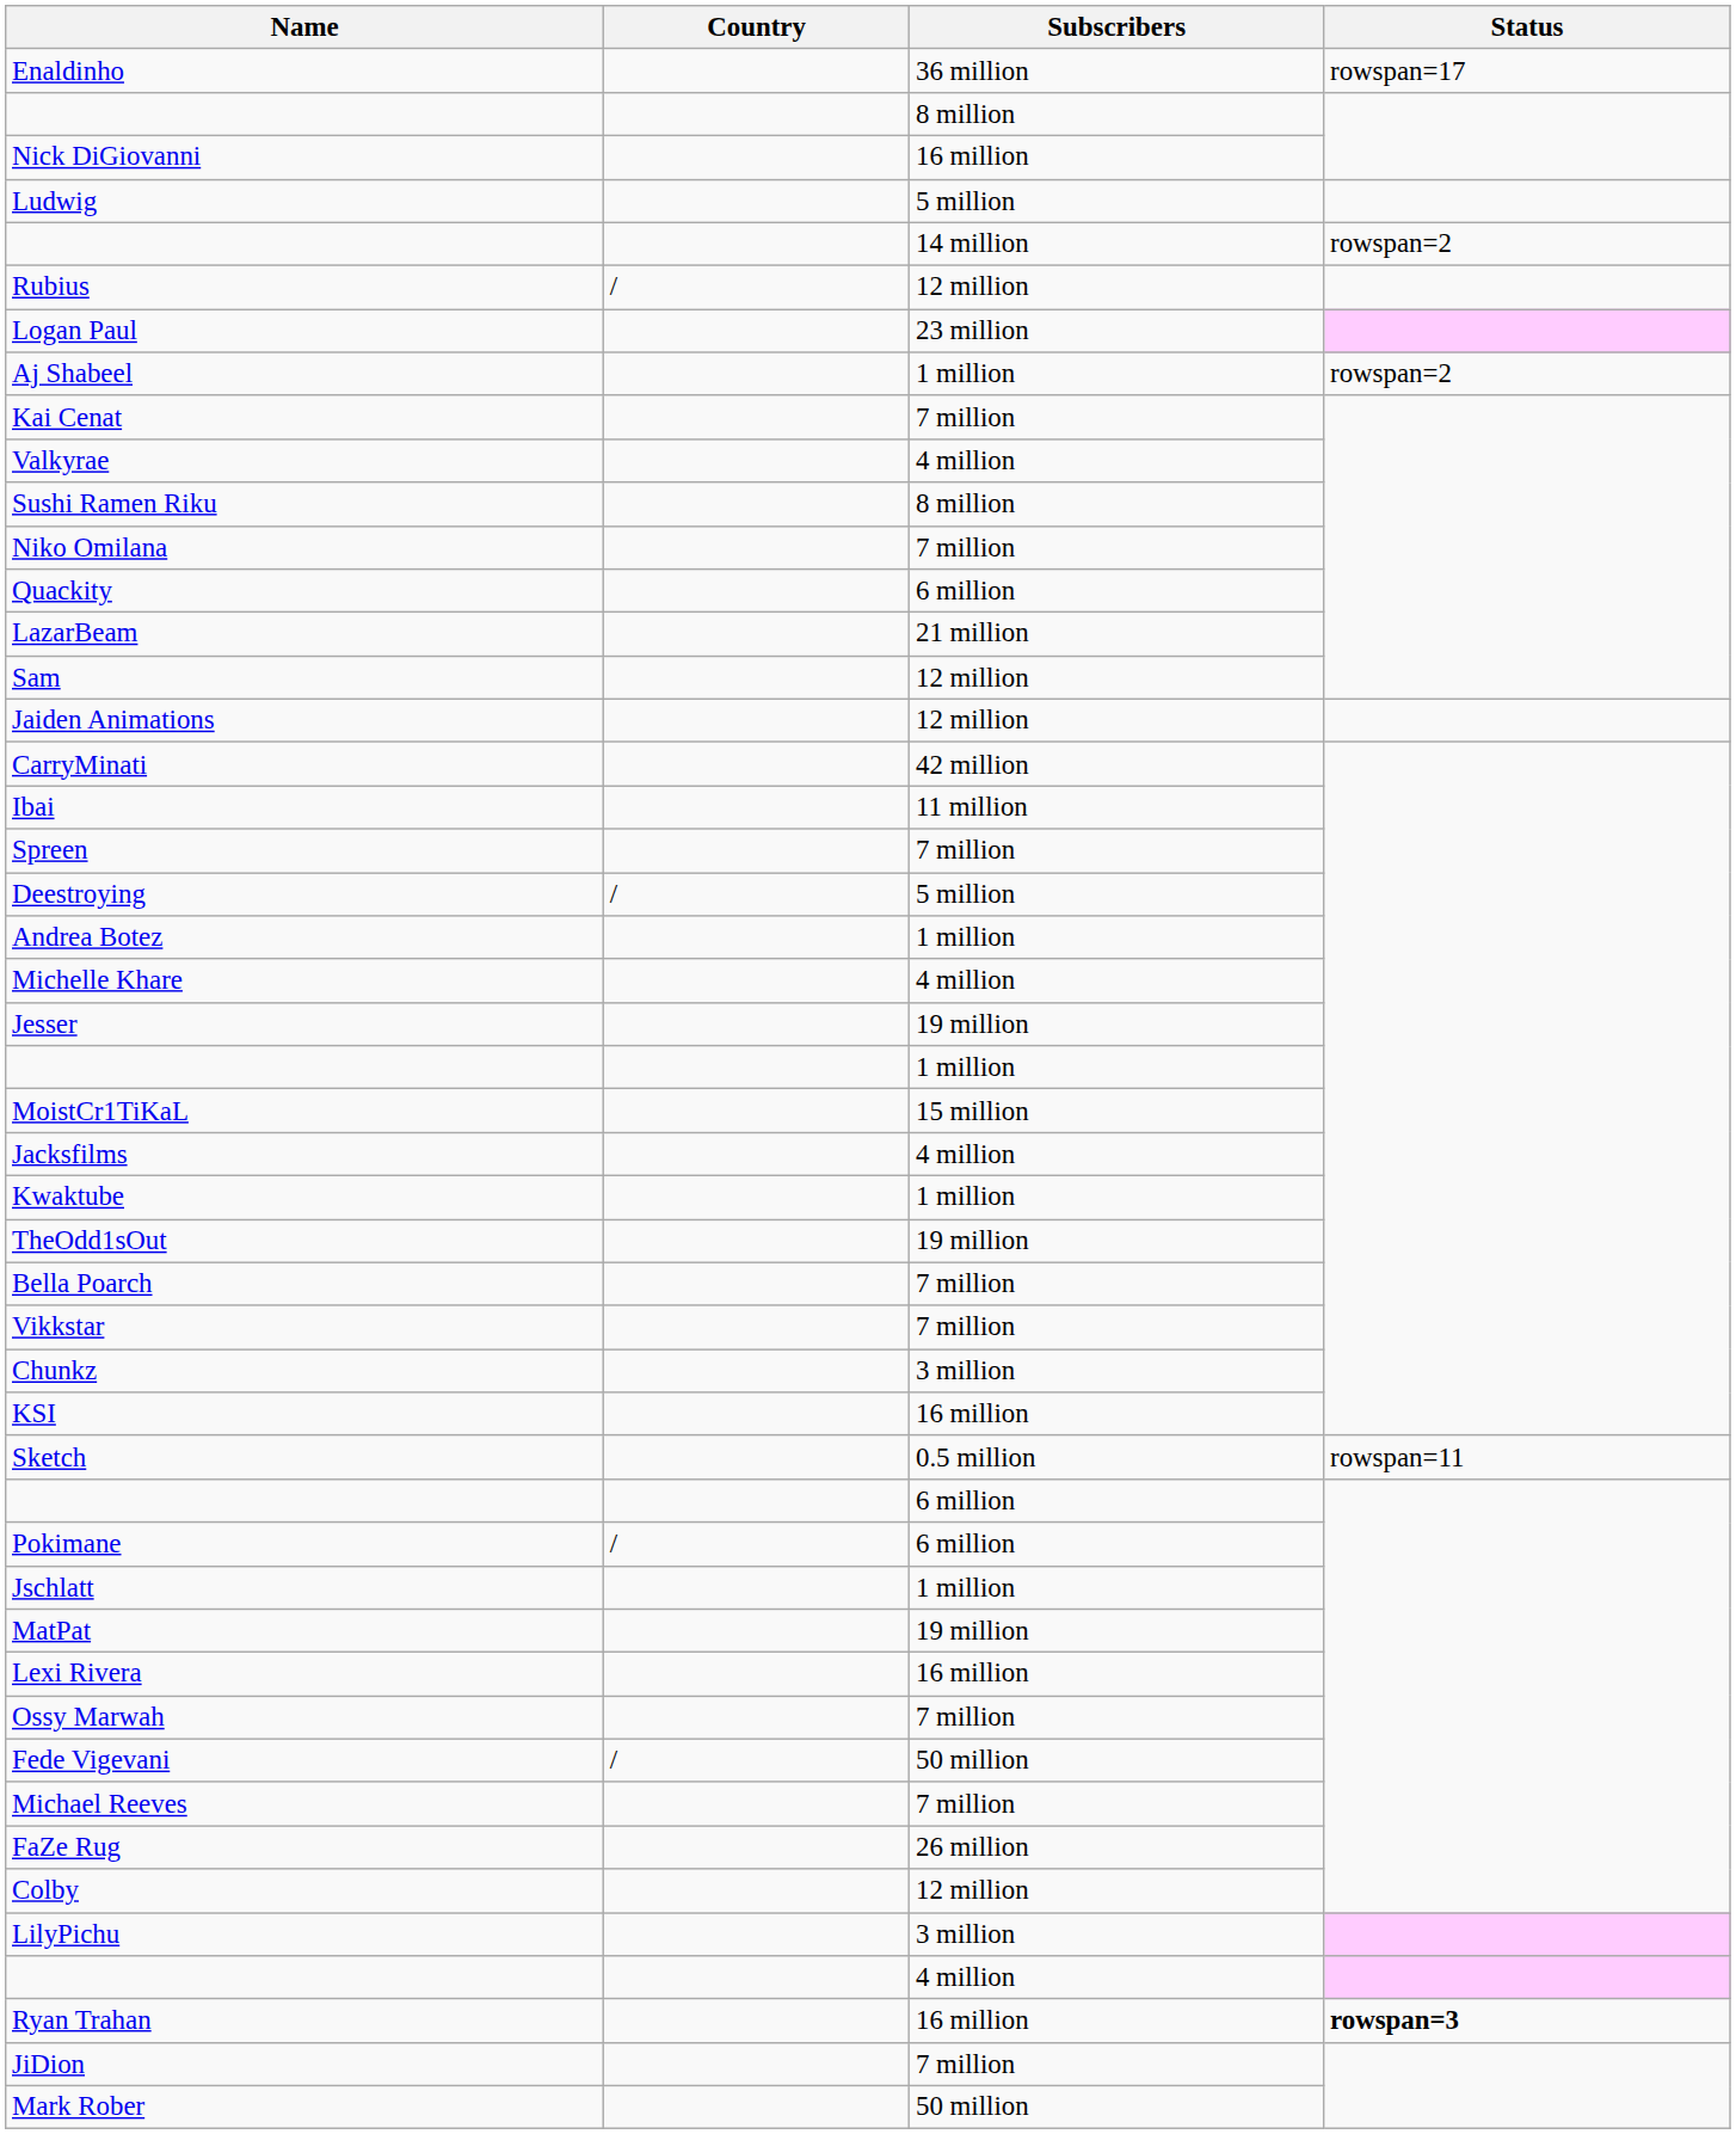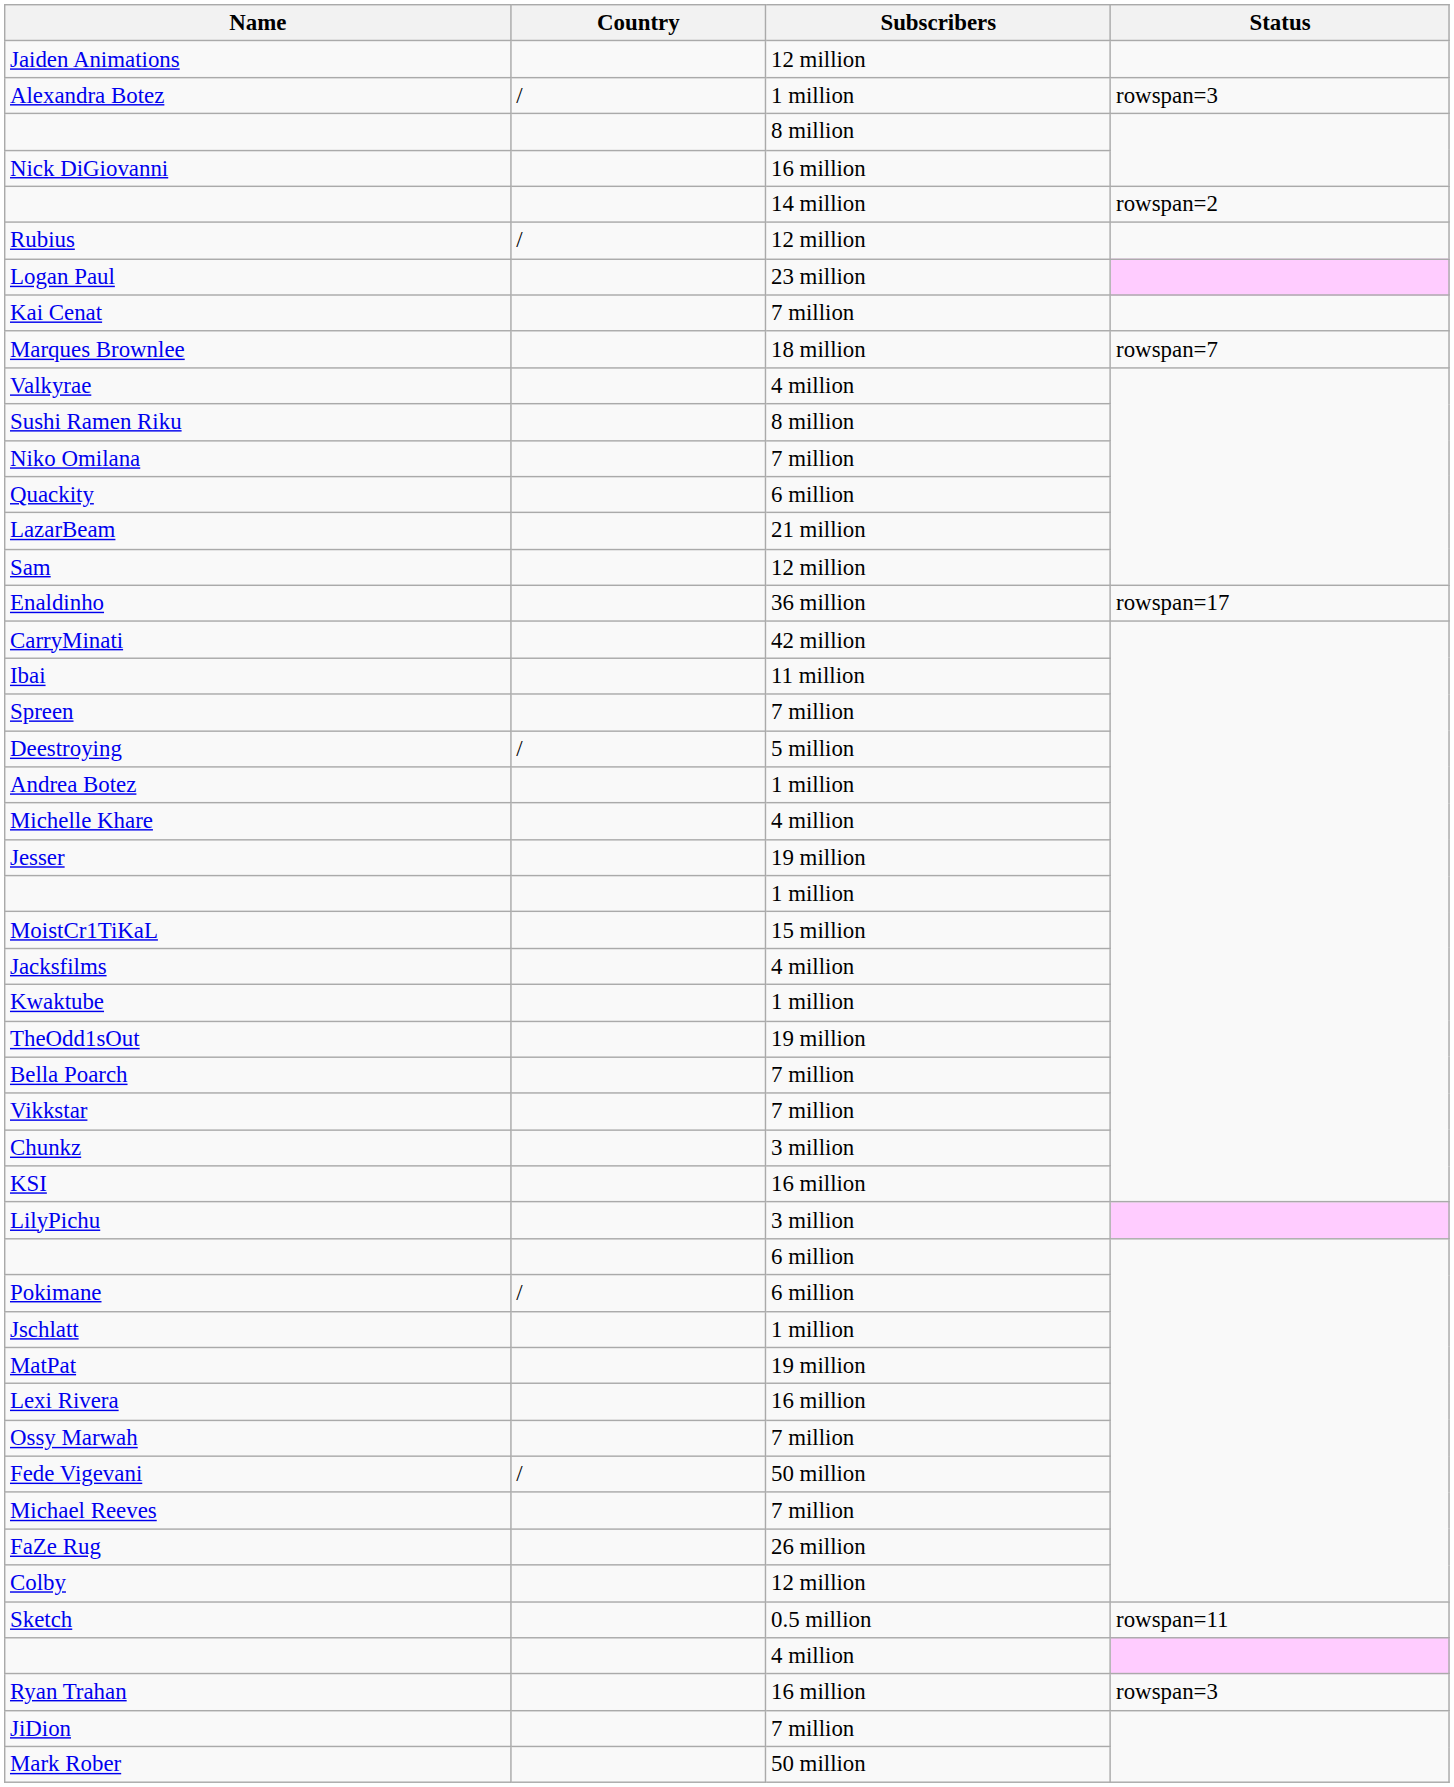 <table class="wikitable sortable center" width=80%>
 <tr>
 <th>Name</th>
 <th>Country</th>
 <th>Subscribers</th>
 <th>Status</th>
 </tr>
 <tr>
-<td><a href='#'>Enaldinho</a></td>
+<td><a href='#'>Jaiden Animations</a></td>
 <td></td>
-<td>36 million</td>
-<td>rowspan=17 </td>
+<td>12 million</td>
+<td></td>
+</tr>
+<tr>
+<td><a href='#'>Alexandra Botez</a></td>
+<td>/</td>
+<td>1 million</td>
+<td>rowspan=3 </td>
 </tr>
 <tr>
 <td></td>
 <td></td>
 <td>8 million</td>
 </tr>
 <tr>
 <td><a href='#'>Nick DiGiovanni</a></td>
 <td></td>
 <td>16 million</td>
-</tr>
-<tr>
-<td><a href='#'>Ludwig</a></td>
-<td></td>
-<td>5 million</td>
-<td></td>
 </tr>
 <tr>
 <td></td>
 <td></td>
 <td>14 million</td>
 <td>rowspan=2 </td>
 </tr>
 <tr>
 <td><a href='#'>Rubius</a></td>
 <td>/</td>
 <td>12 million</td>
 </tr>
 <tr>
 <td><a href='#'>Logan Paul</a></td>
 <td></td>
 <td>23 million</td>
 <td style="background:#fcf"></td>
 </tr>
 <tr>
-<td><a href='#'>Aj Shabeel</a></td>
-<td></td>
-<td>1 million</td>
-<td>rowspan=2 </td>
-</tr>
-<tr>
 <td><a href='#'>Kai Cenat</a></td>
 <td></td>
 <td>7 million</td>
+</tr>
+<tr>
+<td><a href='#'>Marques Brownlee</a></td>
+<td></td>
+<td>18 million</td>
+<td>rowspan=7 </td>
 </tr>
 <tr>
 <td><a href='#'>Valkyrae</a></td>
 <td></td>
 <td>4 million</td>
 </tr>
 <tr>
 <td><a href='#'>Sushi Ramen Riku</a></td>
 <td></td>
 <td>8 million</td>
 </tr>
 <tr>
 <td><a href='#'>Niko Omilana</a></td>
 <td></td>
 <td>7 million</td>
 </tr>
 <tr>
 <td><a href='#'>Quackity</a></td>
 <td></td>
 <td>6 million</td>
 </tr>
 <tr>
 <td><a href='#'>LazarBeam</a></td>
 <td></td>
 <td>21 million</td>
 </tr>
 <tr>
 <td><a href='#'>Sam</a></td>
 <td></td>
 <td>12 million</td>
 </tr>
 <tr>
-<td><a href='#'>Jaiden Animations</a></td>
+<td><a href='#'>Enaldinho</a></td>
 <td></td>
-<td>12 million</td>
-<td></td>
+<td>36 million</td>
+<td>rowspan=17 </td>
 </tr>
 <tr>
 <td><a href='#'>CarryMinati</a></td>
 <td></td>
 <td>42 million</td>
 </tr>
 <tr>
 <td><a href='#'>Ibai</a></td>
 <td></td>
 <td>11 million</td>
 </tr>
 <tr>
 <td><a href='#'>Spreen</a></td>
 <td></td>
 <td>7 million</td>
 </tr>
 <tr>
 <td><a href='#'>Deestroying</a></td>
 <td>/</td>
 <td>5 million</td>
 </tr>
 <tr>
 <td><a href='#'>Andrea Botez</a></td>
 <td></td>
 <td>1 million</td>
 </tr>
 <tr>
 <td><a href='#'>Michelle Khare</a></td>
 <td></td>
 <td>4 million</td>
 </tr>
 <tr>
 <td><a href='#'>Jesser</a></td>
 <td></td>
 <td>19 million</td>
 </tr>
 <tr>
 <td></td>
 <td></td>
 <td>1 million</td>
 </tr>
 <tr>
 <td><a href='#'>MoistCr1TiKaL</a></td>
 <td></td>
 <td>15 million</td>
 </tr>
 <tr>
 <td><a href='#'>Jacksfilms</a></td>
 <td></td>
 <td>4 million</td>
 </tr>
 <tr>
 <td><a href='#'>Kwaktube</a></td>
 <td></td>
 <td>1 million</td>
 </tr>
 <tr>
 <td><a href='#'>TheOdd1sOut</a></td>
 <td></td>
 <td>19 million</td>
 </tr>
 <tr>
 <td><a href='#'>Bella Poarch</a></td>
 <td></td>
 <td>7 million</td>
 </tr>
 <tr>
 <td><a href='#'>Vikkstar</a></td>
 <td></td>
 <td>7 million</td>
 </tr>
 <tr>
 <td><a href='#'>Chunkz</a></td>
 <td></td>
 <td>3 million</td>
 </tr>
 <tr>
 <td><a href='#'>KSI</a></td>
 <td></td>
 <td>16 million</td>
 </tr>
 <tr>
-<td><a href='#'>Sketch</a></td>
+<td><a href='#'>LilyPichu</a></td>
 <td></td>
-<td>0.5 million</td>
-<td>rowspan=11 </td>
+<td>3 million</td>
+<td style="background:#fcf"></td>
 </tr>
 <tr>
 <td></td>
 <td></td>
 <td>6 million</td>
 </tr>
 <tr>
 <td><a href='#'>Pokimane</a></td>
 <td>/</td>
 <td>6 million</td>
 </tr>
 <tr>
 <td><a href='#'>Jschlatt</a></td>
 <td></td>
 <td>1 million</td>
 </tr>
 <tr>
 <td><a href='#'>MatPat</a></td>
 <td></td>
 <td>19 million</td>
 </tr>
 <tr>
 <td><a href='#'>Lexi Rivera</a></td>
 <td></td>
 <td>16 million</td>
 </tr>
 <tr>
 <td><a href='#'>Ossy Marwah</a></td>
 <td></td>
 <td>7 million</td>
 </tr>
 <tr>
 <td><a href='#'>Fede Vigevani</a></td>
 <td>/</td>
 <td>50 million</td>
 </tr>
 <tr>
 <td><a href='#'>Michael Reeves</a></td>
 <td></td>
 <td>7 million</td>
 </tr>
 <tr>
 <td><a href='#'>FaZe Rug</a></td>
 <td></td>
 <td>26 million</td>
 </tr>
 <tr>
 <td><a href='#'>Colby</a></td>
 <td></td>
 <td>12 million</td>
 </tr>
 <tr>
-<td><a href='#'>LilyPichu</a></td>
+<td><a href='#'>Sketch</a></td>
 <td></td>
-<td>3 million</td>
-<td style="background:#fcf"></td>
+<td>0.5 million</td>
+<td>rowspan=11 </td>
 </tr>
 <tr>
 <td></td>
 <td></td>
 <td>4 million</td>
 <td style="background:#fcf"></td>
 </tr>
 <tr>
 <td><a href='#'>Ryan Trahan</a></td>
 <td></td>
 <td>16 million</td>
-<td><strong>rowspan=3 </strong></td>
+<td>rowspan=3 </td>
 </tr>
 <tr>
 <td><a href='#'>JiDion</a></td>
 <td></td>
 <td>7 million</td>
 </tr>
 <tr>
 <td><a href='#'>Mark Rober</a></td>
 <td></td>
 <td>50 million</td>
 </tr>
 </table>
